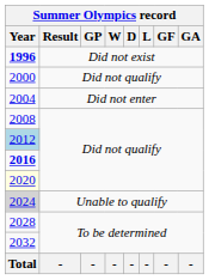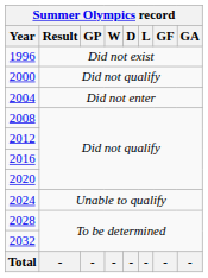 <table class="wikitable" style="text-align: center;">
 <tr>
 <th colspan=8><a href='#'>Summer Olympics</a> record</th>
 </tr>
 <tr>
 <th>Year</th>
 <th>Result</th>
 <th>GP</th>
 <th>W</th>
 <th>D</th>
 <th>L</th>
 <th>GF</th>
 <th>GA</th>
 </tr>
 <tr>
-<td><strong> <a href='#'>1996</a></strong></td>
+<td> <a href='#'>1996</a></td>
 <td colspan=7><em>Did not exist</em></td>
 </tr>
 <tr>
 <td> <a href='#'>2000</a></td>
 <td colspan=7><em>Did not qualify</em></td>
 </tr>
 <tr>
 <td> <a href='#'>2004</a></td>
 <td colspan=7><em>Did not enter</em></td>
 </tr>
 <tr>
 <td> <a href='#'>2008</a></td>
 <td colspan=7 rowspan=4><em>Did not qualify</em></td>
 </tr>
 <tr>
-<td style="background: lightblue;"> <a href='#'>2012</a></td>
+<td> <a href='#'>2012</a></td>
 </tr>
 <tr>
-<td><strong> <a href='#'>2016</a></strong></td>
+<td> <a href='#'>2016</a></td>
 </tr>
 <tr>
-<td style="background: lightyellow;"> <a href='#'>2020</a></td>
+<td> <a href='#'>2020</a></td>
 </tr>
 <tr>
-<td style="background: lightgrey;"> <a href='#'>2024</a></td>
+<td> <a href='#'>2024</a></td>
 <td colspan=7><em>Unable to qualify</em></td>
 </tr>
 <tr>
 <td> <a href='#'>2028</a></td>
 <td colspan=7 rowspan=2><em>To be determined</em></td>
 </tr>
 <tr>
 <td> <a href='#'>2032</a></td>
 </tr>
 <tr>
 <th>Total</th>
 <th>-</th>
 <th>-</th>
 <th>-</th>
 <th>-</th>
 <th>-</th>
 <th>-</th>
 <th>-</th>
 </tr>
 </table>
